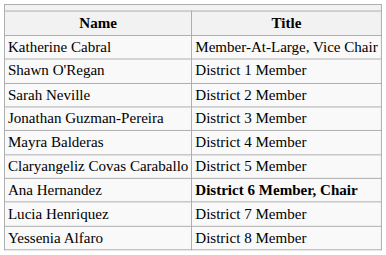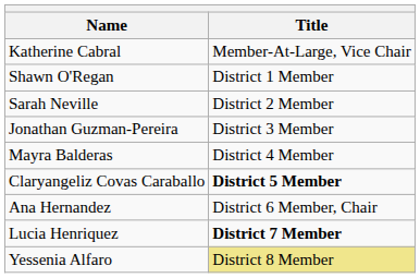 <table class="wikitable">
 <tr>
 <th colspan="4"></th>
 </tr>
 <tr>
 <th><strong>Name</strong></th>
 <th>Title</th>
 </tr>
 <tr>
 <td>Katherine Cabral</td>
 <td>Member-At-Large, Vice Chair</td>
 </tr>
 <tr>
 <td>Shawn O'Regan</td>
 <td>District 1 Member</td>
 </tr>
 <tr>
 <td>Sarah Neville</td>
 <td>District 2 Member</td>
 </tr>
 <tr>
 <td>Jonathan Guzman-Pereira</td>
 <td>District 3 Member</td>
 </tr>
 <tr>
 <td>Mayra Balderas</td>
 <td>District 4 Member</td>
 </tr>
 <tr>
 <td>Claryangeliz Covas Caraballo</td>
-<td>District 5 Member</td>
+<td><strong>District 5 Member</strong></td>
 </tr>
 <tr>
 <td>Ana Hernandez</td>
-<td><strong>District 6 Member, Chair</strong></td>
+<td>District 6 Member, Chair</td>
 </tr>
 <tr>
 <td>Lucia Henriquez</td>
-<td>District 7 Member</td>
+<td><strong>District 7 Member</strong></td>
 </tr>
 <tr>
 <td>Yessenia Alfaro</td>
-<td>District 8 Member</td>
+<td style="background: khaki;">District 8 Member</td>
 </tr>
 </table>
